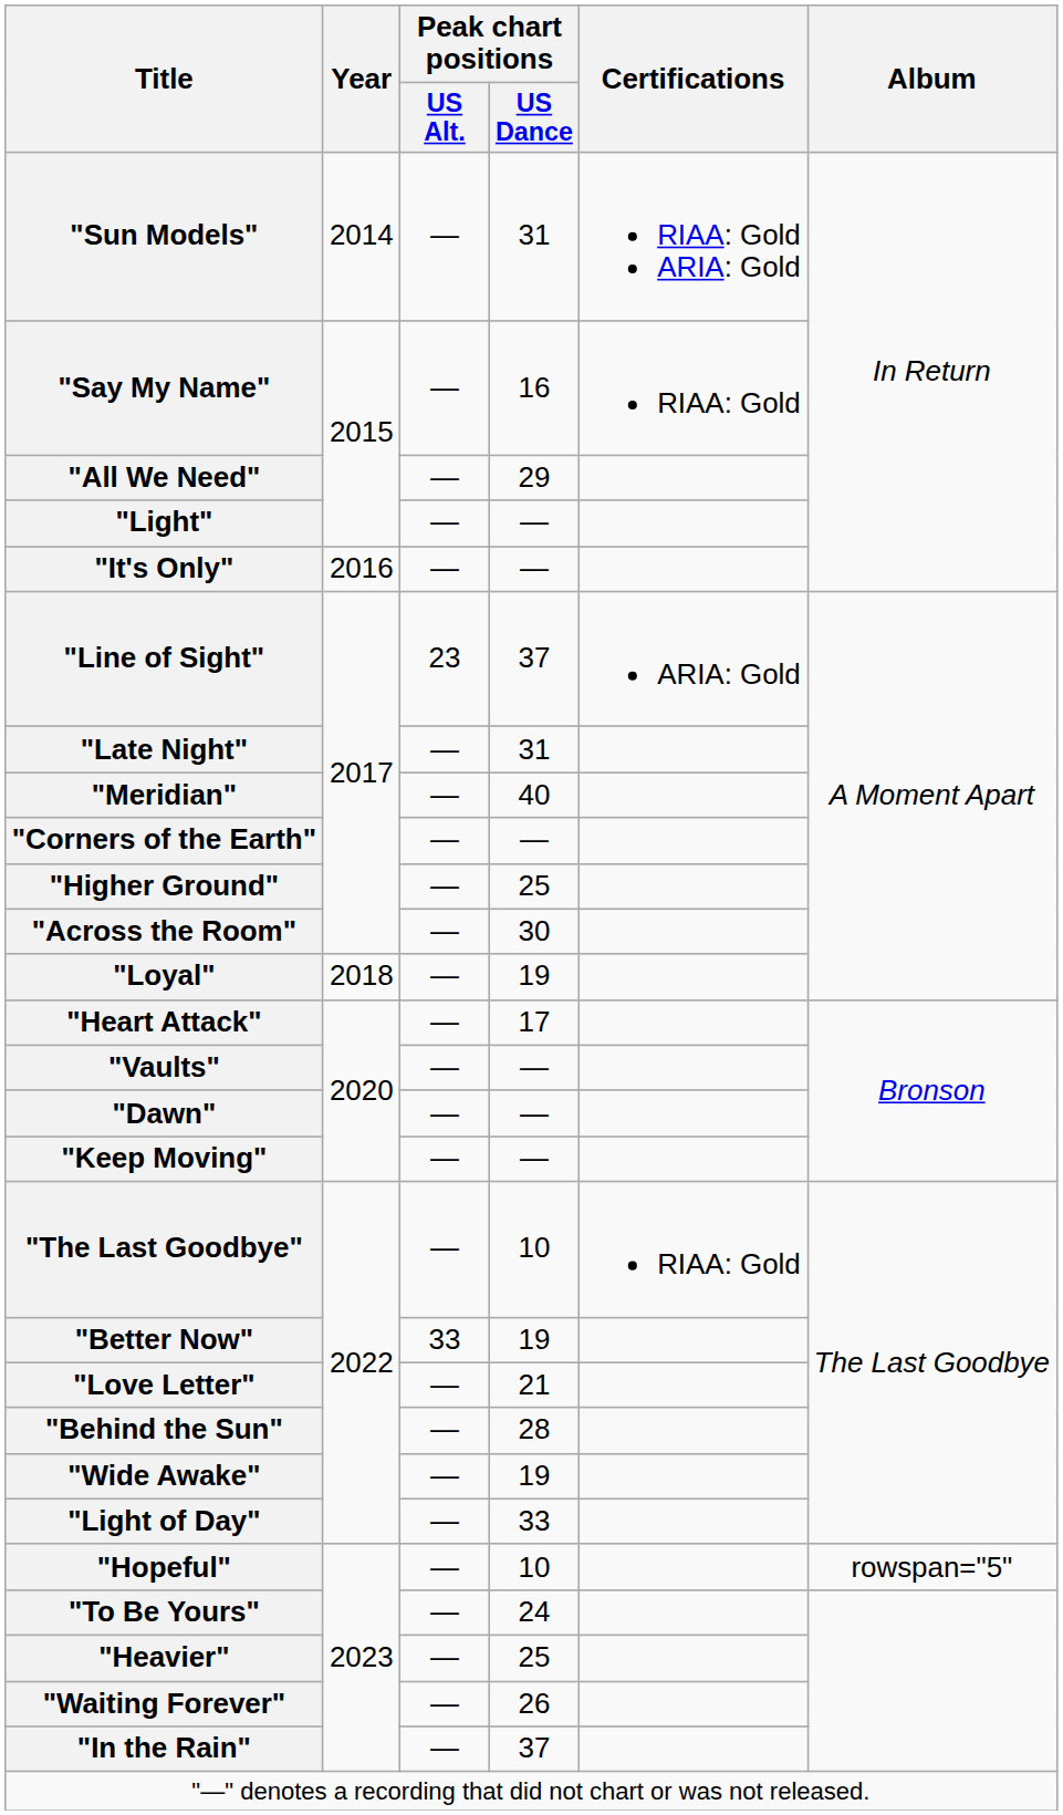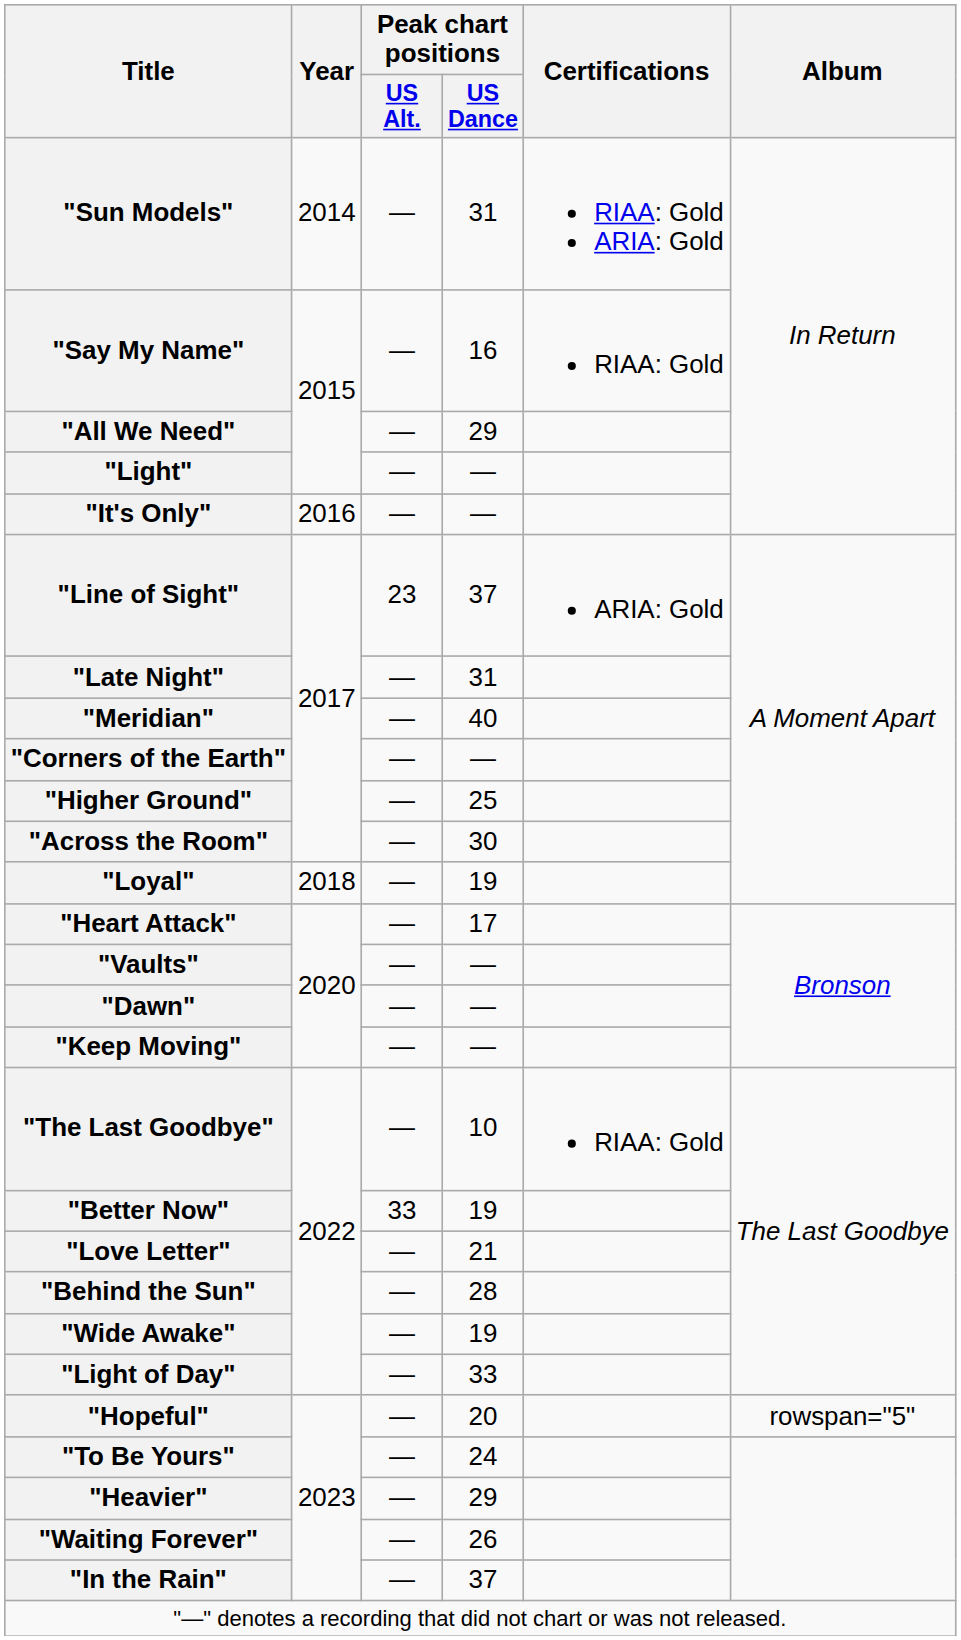 <table class="wikitable plainrowheaders" style="text-align:center;">
 <tr>
 <th scope="col" rowspan="2">Title</th>
 <th scope="col" rowspan="2">Year</th>
 <th scope="col" colspan="2">Peak chart positions</th>
 <th scope="col" rowspan="2">Certifications</th>
 <th scope="col" rowspan="2">Album</th>
 </tr>
 <tr>
 <th scope="col" style="width:3em;font-size:90%;"><a href='#'>US<br>Alt.</a><br></th>
 <th scope="col" style="width:3em;font-size:90%;"><a href='#'>US<br>Dance</a><br></th>
 </tr>
 <tr>
 <th scope="row">"Sun Models"<br></th>
 <td>2014</td>
 <td>—</td>
 <td>31</td>
 <td><br><ul><li><a href='#'>RIAA</a>: Gold</li><li><a href='#'>ARIA</a>: Gold</li></ul></td>
 <td rowspan="5"><em>In Return</em></td>
 </tr>
 <tr>
 <th scope="row">"Say My Name"<br></th>
 <td rowspan="3">2015</td>
 <td>—</td>
 <td>16</td>
 <td><br><ul><li>RIAA: Gold</li></ul></td>
 </tr>
 <tr>
 <th scope="row">"All We Need"<br></th>
 <td>—</td>
 <td>29</td>
 <td></td>
 </tr>
 <tr>
 <th scope="row">"Light"<br></th>
 <td>—</td>
 <td>—</td>
 <td></td>
 </tr>
 <tr>
 <th scope="row">"It's Only"<br></th>
 <td>2016</td>
 <td>—</td>
 <td>—</td>
 <td></td>
 </tr>
 <tr>
 <th scope="row">"Line of Sight"<br></th>
 <td rowspan="6">2017</td>
 <td>23</td>
 <td>37</td>
 <td><br><ul><li>ARIA: Gold</li></ul></td>
 <td rowspan="7"><em>A Moment Apart</em></td>
 </tr>
 <tr>
 <th scope="row">"Late Night"</th>
 <td>—</td>
 <td>31</td>
 <td></td>
 </tr>
 <tr>
 <th scope="row">"Meridian"</th>
 <td>—</td>
 <td>40</td>
 <td></td>
 </tr>
 <tr>
 <th scope="row">"Corners of the Earth"<br></th>
 <td>—</td>
 <td>—</td>
 <td></td>
 </tr>
 <tr>
 <th scope="row">"Higher Ground"<br></th>
 <td>—</td>
 <td>25</td>
 <td></td>
 </tr>
 <tr>
 <th scope="row">"Across the Room"<br></th>
 <td>—</td>
 <td>30</td>
 <td></td>
 </tr>
 <tr>
 <th scope="row">"Loyal"</th>
 <td>2018</td>
 <td>—</td>
 <td>19</td>
 <td></td>
 </tr>
 <tr>
 <th scope="row">"Heart Attack"<br></th>
 <td rowspan="4">2020</td>
 <td>—</td>
 <td>17</td>
 <td></td>
 <td rowspan="4"><em><a href='#'>Bronson</a></em></td>
 </tr>
 <tr>
 <th scope="row">"Vaults"<br></th>
 <td>—</td>
 <td>—</td>
 </tr>
 <tr>
 <th scope="row">"Dawn" </th>
 <td>—</td>
 <td>—</td>
 <td></td>
 </tr>
 <tr>
 <th scope="row">"Keep Moving"<br></th>
 <td>—</td>
 <td>—</td>
 <td></td>
 </tr>
 <tr>
 <th scope="row">"The Last Goodbye"<br></th>
 <td rowspan="6">2022</td>
 <td>—</td>
 <td>10</td>
 <td><br><ul><li>RIAA: Gold</li></ul></td>
 <td rowspan="6"><em>The Last Goodbye</em></td>
 </tr>
 <tr>
 <th scope="row">"Better Now"<br></th>
 <td>33</td>
 <td>19</td>
 <td></td>
 </tr>
 <tr>
 <th scope="row">"Love Letter"<br></th>
 <td>—</td>
 <td>21</td>
 <td></td>
 </tr>
 <tr>
 <th scope="row">"Behind the Sun"</th>
 <td>—</td>
 <td>28</td>
 <td></td>
 </tr>
 <tr>
 <th scope="row">"Wide Awake"<br></th>
 <td>—</td>
 <td>19</td>
 <td></td>
 </tr>
 <tr>
 <th scope="row">"Light of Day"<br></th>
 <td>—</td>
 <td>33</td>
 </tr>
 <tr>
 <th scope="row">"Hopeful"</th>
 <td rowspan="5">2023</td>
 <td>—</td>
-<td>10</td>
+<td>20</td>
 <td></td>
 <td>rowspan="5" </td>
 </tr>
 <tr>
 <th scope="row">"To Be Yours"<br></th>
 <td>—</td>
 <td>24</td>
 <td></td>
 </tr>
 <tr>
 <th scope="row">"Heavier"<br></th>
 <td>—</td>
-<td>25</td>
+<td>29</td>
 <td></td>
 </tr>
 <tr>
 <th scope="row">"Waiting Forever"<br></th>
 <td>—</td>
 <td>26</td>
 <td></td>
 </tr>
 <tr>
 <th scope="row">"In the Rain"</th>
 <td>—</td>
 <td>37</td>
 <td></td>
 </tr>
 <tr>
 <td colspan="6" style="font-size:85%">"—" denotes a recording that did not chart or was not released.</td>
 </tr>
 </table>
